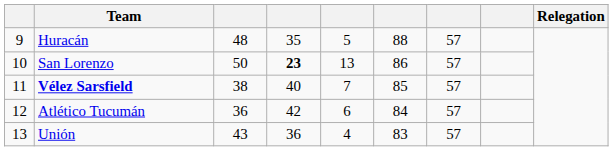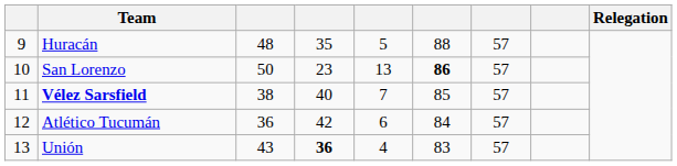 <table class="wikitable sortable" style="text-align: center;">
 <tr>
 <th width=25></th>
 <th width=185>Team</th>
 <th width=50></th>
 <th width=50></th>
 <th width=50></th>
 <th width=50></th>
 <th width=50></th>
 <th width=50></th>
 <th>Relegation</th>
 </tr>
 <tr>
 <td>9</td>
 <td align="left"><a href='#'>Huracán</a></td>
 <td>48</td>
 <td>35</td>
 <td>5</td>
 <td>88</td>
 <td>57</td>
 <td><strong></strong></td>
 </tr>
 <tr>
 <td>10</td>
 <td align="left"><a href='#'>San Lorenzo</a></td>
 <td>50</td>
-<td><strong>23</strong></td>
+<td>23</td>
 <td>13</td>
-<td>86</td>
+<td><strong>86</strong></td>
 <td>57</td>
 <td><strong></strong></td>
 </tr>
 <tr>
 <td>11</td>
 <td align="left"><strong><a href='#'>Vélez Sarsfield</a></strong></td>
 <td>38</td>
 <td>40</td>
 <td>7</td>
 <td>85</td>
 <td>57</td>
 <td><strong></strong></td>
 </tr>
 <tr>
 <td>12</td>
 <td align="left"><a href='#'>Atlético Tucumán</a></td>
 <td>36</td>
 <td>42</td>
 <td>6</td>
 <td>84</td>
 <td>57</td>
 <td><strong></strong></td>
 </tr>
 <tr>
 <td>13</td>
 <td align="left"><a href='#'>Unión</a></td>
 <td>43</td>
-<td>36</td>
+<td><strong>36</strong></td>
 <td>4</td>
 <td>83</td>
 <td>57</td>
 <td><strong></strong></td>
 </tr>
 </table>
